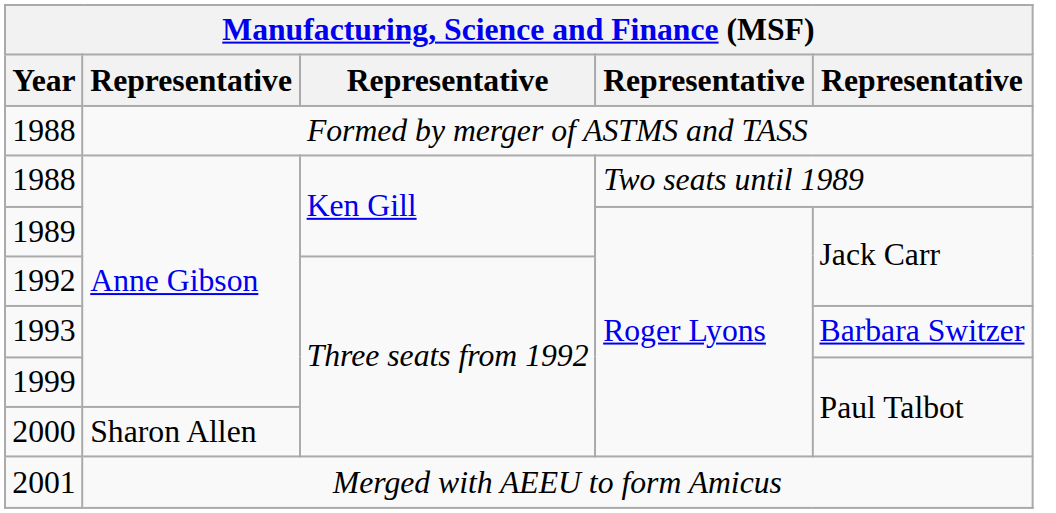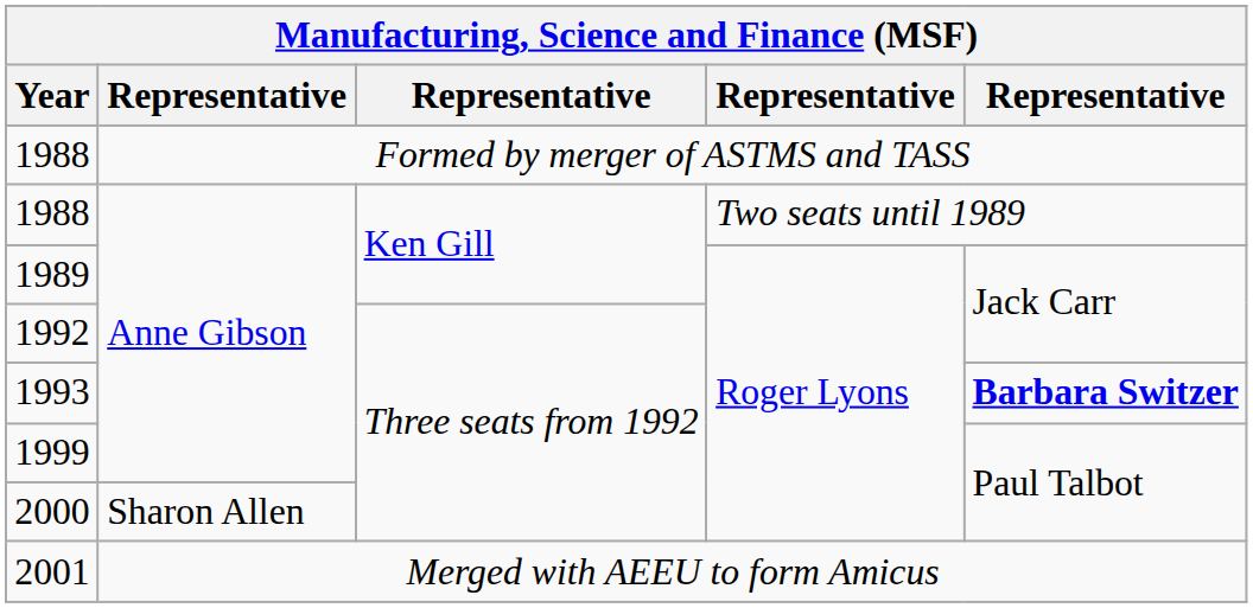 <table class="wikitable">
 <tr>
 <th colspan=5><a href='#'>Manufacturing, Science and Finance</a> (MSF)</th>
 </tr>
 <tr>
 <th>Year</th>
 <th>Representative</th>
 <th>Representative</th>
 <th>Representative</th>
 <th>Representative</th>
 </tr>
 <tr>
 <td>1988</td>
 <td colspan=4 align="center"><em>Formed by merger of ASTMS and TASS</em></td>
 </tr>
 <tr>
 <td>1988</td>
 <td rowspan=5><a href='#'>Anne Gibson</a></td>
 <td rowspan=2><a href='#'>Ken Gill</a></td>
 <td colspan=2><em>Two seats until 1989</em></td>
 </tr>
 <tr>
 <td>1989</td>
 <td rowspan=5><a href='#'>Roger Lyons</a></td>
 <td rowspan=2>Jack Carr</td>
 </tr>
 <tr>
 <td>1992</td>
 <td rowspan=4><em>Three seats from 1992</em></td>
 </tr>
 <tr>
 <td>1993</td>
-<td><a href='#'>Barbara Switzer</a></td>
+<td><strong><a href='#'>Barbara Switzer</a></strong></td>
 </tr>
 <tr>
 <td>1999</td>
 <td rowspan=2>Paul Talbot</td>
 </tr>
 <tr>
 <td>2000</td>
 <td>Sharon Allen</td>
 </tr>
 <tr>
 <td>2001</td>
 <td colspan=4 align="center"><em>Merged with AEEU to form Amicus</em></td>
 </tr>
 </table>
